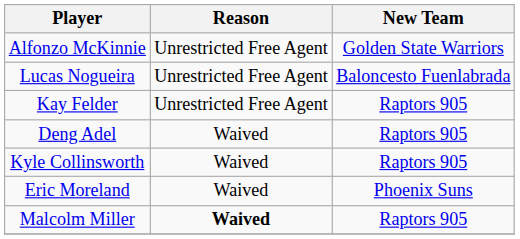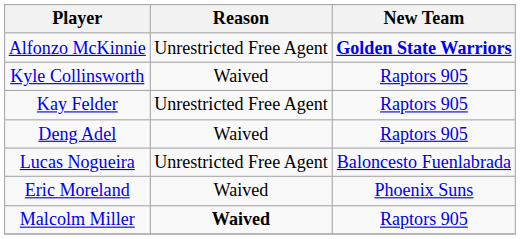 <table class="wikitable sortable sortable" style="text-align: center">
 <tr>
 <th>Player</th>
 <th>Reason</th>
 <th>New Team</th>
 </tr>
 <tr>
 <td><a href='#'>Alfonzo McKinnie</a></td>
 <td>Unrestricted Free Agent</td>
-<td><a href='#'>Golden State Warriors</a></td>
+<td><strong><a href='#'>Golden State Warriors</a></strong></td>
 </tr>
 <tr>
-<td><a href='#'>Lucas Nogueira</a></td>
-<td>Unrestricted Free Agent</td>
-<td><a href='#'>Baloncesto Fuenlabrada</a></td>
+<td><a href='#'>Kyle Collinsworth</a></td>
+<td>Waived</td>
+<td><a href='#'>Raptors 905</a></td>
 </tr>
 <tr>
 <td><a href='#'>Kay Felder</a></td>
 <td>Unrestricted Free Agent</td>
 <td><a href='#'>Raptors 905</a></td>
 </tr>
 <tr>
 <td><a href='#'>Deng Adel</a></td>
 <td>Waived</td>
 <td><a href='#'>Raptors 905</a></td>
 </tr>
 <tr>
-<td><a href='#'>Kyle Collinsworth</a></td>
-<td>Waived</td>
-<td><a href='#'>Raptors 905</a></td>
+<td><a href='#'>Lucas Nogueira</a></td>
+<td>Unrestricted Free Agent</td>
+<td><a href='#'>Baloncesto Fuenlabrada</a></td>
 </tr>
 <tr>
 <td><a href='#'>Eric Moreland</a></td>
 <td>Waived</td>
 <td><a href='#'>Phoenix Suns</a></td>
 </tr>
 <tr>
 <td><a href='#'>Malcolm Miller</a></td>
 <td><strong>Waived</strong></td>
 <td><a href='#'>Raptors 905</a></td>
 </tr>
 <tr>
 </tr>
 </table>
